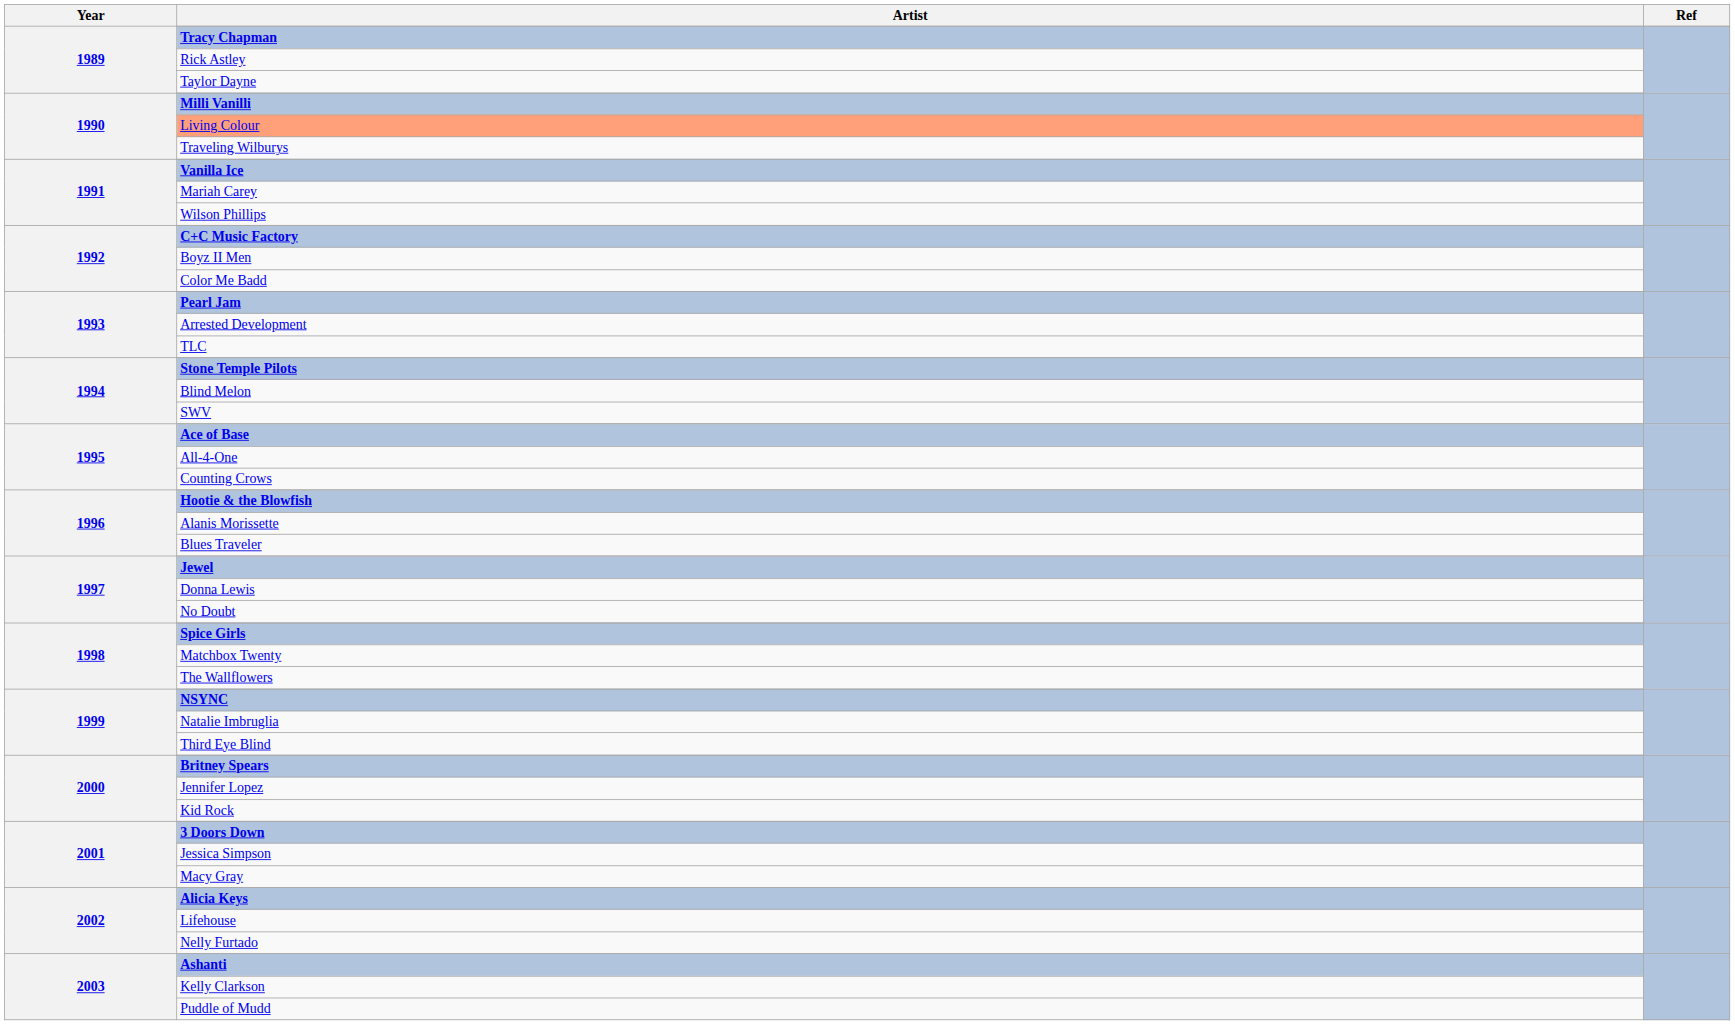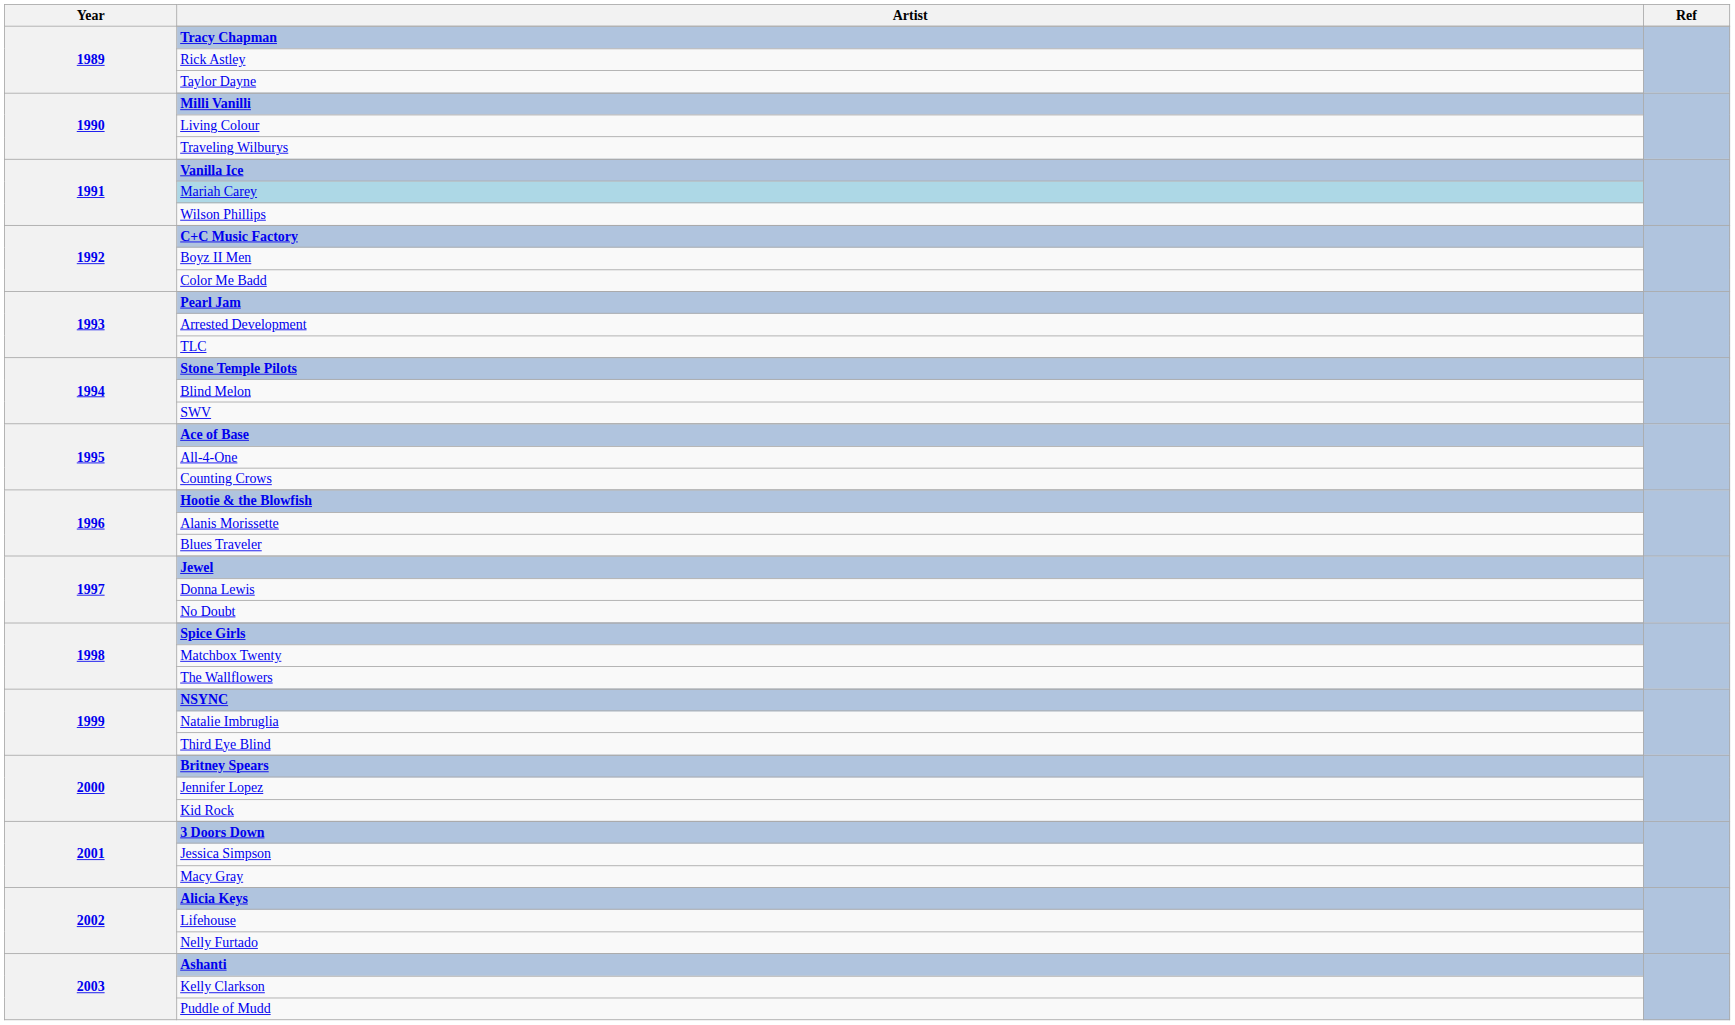 <table class="wikitable" width="100%">
 <tr>
 <th width="10%">Year</th>
 <th width="85%">Artist</th>
 <th width="5%">Ref</th>
 </tr>
 <tr>
 <th rowspan="4" align="center"><a href='#'>1989<br></a></th>
 </tr>
 <tr style="background:#B0C4DE">
 <td><strong><a href='#'>Tracy Chapman</a></strong></td>
 <td rowspan="4" align="center"></td>
 </tr>
 <tr>
 <td><a href='#'>Rick Astley</a></td>
 </tr>
 <tr>
 <td><a href='#'>Taylor Dayne</a></td>
 </tr>
 <tr>
 <th rowspan="4" align="center"><a href='#'>1990<br></a></th>
 </tr>
 <tr style="background:#B0C4DE">
 <td><strong><a href='#'>Milli Vanilli</a></strong></td>
 <td rowspan="4" align="center"></td>
 </tr>
 <tr>
-<td style="background: lightsalmon;"><a href='#'>Living Colour</a></td>
+<td><a href='#'>Living Colour</a></td>
 </tr>
 <tr>
 <td><a href='#'>Traveling Wilburys</a></td>
 </tr>
 <tr>
 <th rowspan="4" align="center"><a href='#'>1991<br></a></th>
 </tr>
 <tr style="background:#B0C4DE">
 <td><strong><a href='#'>Vanilla Ice</a></strong></td>
 <td rowspan="4" align="center"></td>
 </tr>
 <tr>
-<td><a href='#'>Mariah Carey</a></td>
+<td style="background: lightblue;"><a href='#'>Mariah Carey</a></td>
 </tr>
 <tr>
 <td><a href='#'>Wilson Phillips</a></td>
 </tr>
 <tr>
 <th rowspan="4" align="center"><a href='#'>1992<br></a></th>
 </tr>
 <tr style="background:#B0C4DE">
 <td><strong><a href='#'>C+C Music Factory</a></strong></td>
 <td rowspan="4" align="center"></td>
 </tr>
 <tr>
 <td><a href='#'>Boyz II Men</a></td>
 </tr>
 <tr>
 <td><a href='#'>Color Me Badd</a></td>
 </tr>
 <tr>
 <th rowspan="4" align="center"><a href='#'>1993<br></a></th>
 </tr>
 <tr style="background:#B0C4DE">
 <td><strong><a href='#'>Pearl Jam</a></strong></td>
 <td rowspan="4" align="center"></td>
 </tr>
 <tr>
 <td><a href='#'>Arrested Development</a></td>
 </tr>
 <tr>
 <td><a href='#'>TLC</a></td>
 </tr>
 <tr>
 <th rowspan="4" align="center"><a href='#'>1994<br></a></th>
 </tr>
 <tr style="background:#B0C4DE">
 <td><strong><a href='#'>Stone Temple Pilots</a></strong></td>
 <td rowspan="4" align="center"></td>
 </tr>
 <tr>
 <td><a href='#'>Blind Melon</a></td>
 </tr>
 <tr>
 <td><a href='#'>SWV</a></td>
 </tr>
 <tr>
 <th rowspan="4" align="center"><a href='#'>1995<br></a></th>
 </tr>
 <tr style="background:#B0C4DE">
 <td><strong><a href='#'>Ace of Base</a></strong></td>
 <td rowspan="4" align="center"></td>
 </tr>
 <tr>
 <td><a href='#'>All-4-One</a></td>
 </tr>
 <tr>
 <td><a href='#'>Counting Crows</a></td>
 </tr>
 <tr>
 <th rowspan="4" align="center"><a href='#'>1996<br></a></th>
 </tr>
 <tr style="background:#B0C4DE">
 <td><strong><a href='#'>Hootie & the Blowfish</a></strong></td>
 <td rowspan="4" align="center"></td>
 </tr>
 <tr>
 <td><a href='#'>Alanis Morissette</a></td>
 </tr>
 <tr>
 <td><a href='#'>Blues Traveler</a></td>
 </tr>
 <tr>
 <th rowspan="4" align="center"><a href='#'>1997<br></a></th>
 </tr>
 <tr style="background:#B0C4DE">
 <td><strong><a href='#'>Jewel</a></strong></td>
 <td rowspan="4" align="center"></td>
 </tr>
 <tr>
 <td><a href='#'>Donna Lewis</a></td>
 </tr>
 <tr>
 <td><a href='#'>No Doubt</a></td>
 </tr>
 <tr>
 <th rowspan="4" align="center"><a href='#'>1998<br></a></th>
 </tr>
 <tr style="background:#B0C4DE">
 <td><strong><a href='#'>Spice Girls</a></strong></td>
 <td rowspan="4" align="center"></td>
 </tr>
 <tr>
 <td><a href='#'>Matchbox Twenty</a></td>
 </tr>
 <tr>
 <td><a href='#'>The Wallflowers</a></td>
 </tr>
 <tr>
 <th rowspan="4" align="center"><a href='#'>1999<br></a></th>
 </tr>
 <tr style="background:#B0C4DE">
 <td><strong><a href='#'>NSYNC</a></strong></td>
 <td rowspan="4" align="center"></td>
 </tr>
 <tr>
 <td><a href='#'>Natalie Imbruglia</a></td>
 </tr>
 <tr>
 <td><a href='#'>Third Eye Blind</a></td>
 </tr>
 <tr>
 <th rowspan="4" align="center"><a href='#'>2000<br></a></th>
 </tr>
 <tr style="background:#B0C4DE">
 <td><strong><a href='#'>Britney Spears</a></strong></td>
 <td rowspan="4" align="center"></td>
 </tr>
 <tr>
 <td><a href='#'>Jennifer Lopez</a></td>
 </tr>
 <tr>
 <td><a href='#'>Kid Rock</a></td>
 </tr>
 <tr>
 <th rowspan="4" align="center"><a href='#'>2001<br></a></th>
 </tr>
 <tr style="background:#B0C4DE">
 <td><strong><a href='#'>3 Doors Down</a></strong></td>
 <td rowspan="4" align="center"></td>
 </tr>
 <tr>
 <td><a href='#'>Jessica Simpson</a></td>
 </tr>
 <tr>
 <td><a href='#'>Macy Gray</a></td>
 </tr>
 <tr>
 <th rowspan="4" align="center"><a href='#'>2002<br></a></th>
 </tr>
 <tr style="background:#B0C4DE">
 <td><strong><a href='#'>Alicia Keys</a></strong></td>
 <td rowspan="4" align="center"></td>
 </tr>
 <tr>
 <td><a href='#'>Lifehouse</a></td>
 </tr>
 <tr>
 <td><a href='#'>Nelly Furtado</a></td>
 </tr>
 <tr>
 <th rowspan="4" align="center"><a href='#'>2003<br></a></th>
 </tr>
 <tr style="background:#B0C4DE">
 <td><strong><a href='#'>Ashanti</a></strong></td>
 <td rowspan="4" align="center"></td>
 </tr>
 <tr>
 <td><a href='#'>Kelly Clarkson</a></td>
 </tr>
 <tr>
 <td><a href='#'>Puddle of Mudd</a></td>
 </tr>
 </table>
